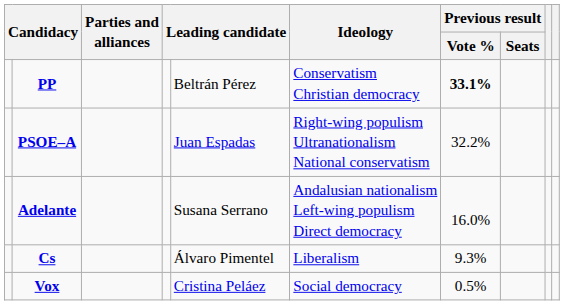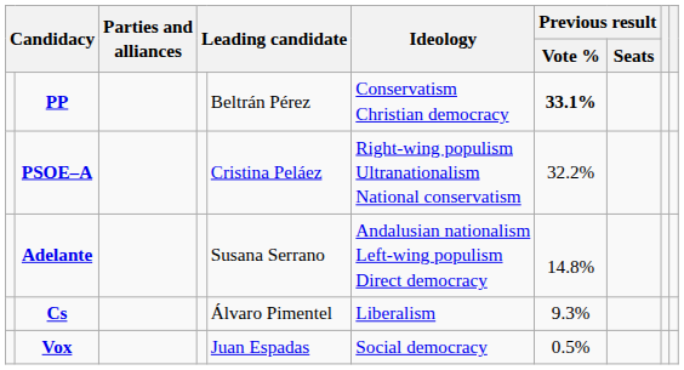 <table class="wikitable" style="line-height:1.35em; text-align:left;">
 <tr>
 <th colspan="2" rowspan="2">Candidacy</th>
 <th rowspan="2">Parties and<br>alliances</th>
 <th colspan="2" rowspan="2">Leading candidate</th>
 <th rowspan="2">Ideology</th>
 <th colspan="2">Previous result</th>
 <th rowspan="2"></th>
 <th rowspan="2"></th>
 </tr>
 <tr>
 <th>Vote %</th>
 <th>Seats</th>
 </tr>
 <tr>
 <td width="1" style="color:inherit;background:"></td>
 <td align="center"><strong><a href='#'>PP</a></strong></td>
 <td></td>
 <td></td>
 <td>Beltrán Pérez</td>
 <td><a href='#'>Conservatism</a><br><a href='#'>Christian democracy</a></td>
 <td align="center"><strong>33.1%</strong></td>
 <td></td>
 <td></td>
 <td></td>
 </tr>
 <tr>
 <td style="color:inherit;background:"></td>
 <td align="center"><strong><a href='#'>PSOE–A</a></strong></td>
 <td></td>
 <td></td>
-<td><a href='#'>Juan Espadas</a></td>
+<td><a href='#'>Cristina Peláez</a></td>
 <td><a href='#'>Right-wing populism</a><br><a href='#'>Ultranationalism</a><br><a href='#'>National conservatism</a></td>
 <td align="center">32.2%</td>
 <td></td>
 <td></td>
 <td></td>
 </tr>
 <tr>
 <td style="color:inherit;background:"></td>
 <td align="center"><strong><a href='#'>Adelante</a></strong></td>
 <td></td>
 <td></td>
 <td>Susana Serrano</td>
 <td><a href='#'>Andalusian nationalism</a><br><a href='#'>Left-wing populism</a><br><a href='#'>Direct democracy</a></td>
-<td align="center"><br>16.0%<br></td>
+<td align="center"><br>14.8%<br></td>
 <td></td>
 <td></td>
 <td></td>
 </tr>
 <tr>
 <td style="color:inherit;background:"></td>
 <td align="center"><strong><a href='#'>Cs</a></strong></td>
 <td></td>
 <td></td>
 <td>Álvaro Pimentel</td>
 <td><a href='#'>Liberalism</a></td>
 <td align="center">9.3%</td>
 <td></td>
 <td></td>
 <td></td>
 </tr>
 <tr>
 <td style="color:inherit;background:"></td>
 <td align="center"><strong><a href='#'>Vox</a></strong></td>
 <td></td>
 <td></td>
-<td><a href='#'>Cristina Peláez</a></td>
+<td><a href='#'>Juan Espadas</a></td>
 <td><a href='#'>Social democracy</a></td>
 <td align="center">0.5%</td>
 <td></td>
 <td></td>
 <td></td>
 </tr>
 </table>
